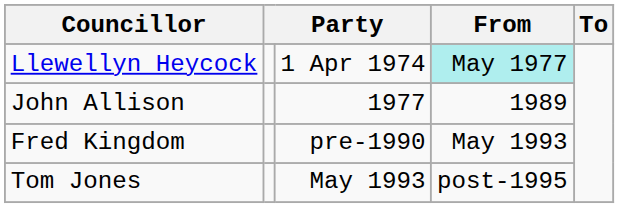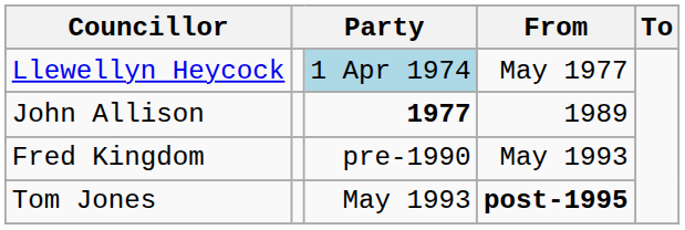 <table class=wikitable>
 <tr>
 <th>Councillor</th>
 <th colspan=2>Party</th>
 <th>From</th>
 <th>To</th>
 </tr>
 <tr>
 <td><a href='#'>Llewellyn Heycock</a></td>
 <td></td>
-<td align=right>1 Apr 1974</td>
-<td align=right style="background: paleturquoise;">May 1977</td>
+<td align=right style="background: lightblue;">1 Apr 1974</td>
+<td align=right>May 1977</td>
 </tr>
 <tr>
 <td>John Allison</td>
 <td></td>
-<td align=right>1977</td>
+<td align=right><strong>1977</strong></td>
 <td align=right>1989</td>
 </tr>
 <tr>
 <td>Fred Kingdom</td>
 <td></td>
 <td align=right>pre-1990</td>
 <td align=right>May 1993</td>
 </tr>
 <tr>
 <td>Tom Jones</td>
 <td></td>
 <td align=right>May 1993</td>
-<td align=right>post-1995</td>
+<td align=right><strong>post-1995</strong></td>
 </tr>
 </table>
